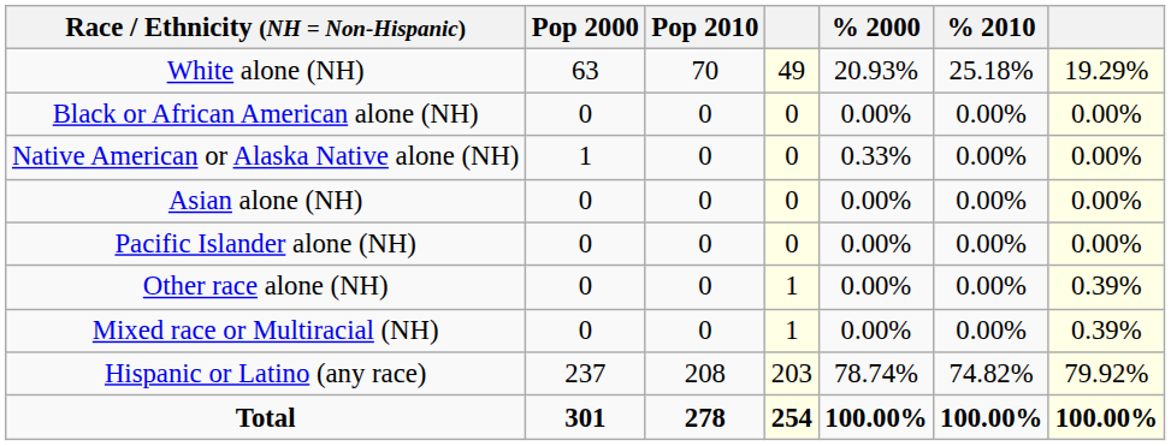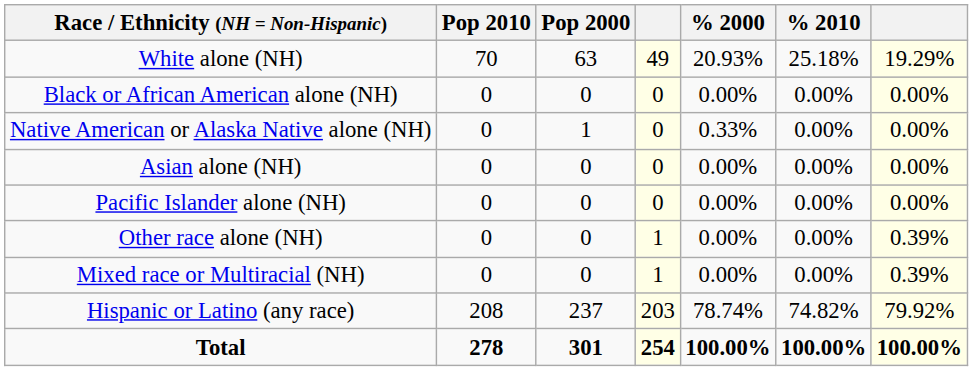 <table class="wikitable" style="text-align:center;">
 <tr>
 <th>Race / Ethnicity <small>(<em>NH = Non-Hispanic</em>)</small></th>
+<th>Pop 2010</th>
 <th>Pop 2000</th>
-<th>Pop 2010</th>
 <th></th>
 <th>% 2000</th>
 <th>% 2010</th>
 <th></th>
 </tr>
 <tr>
 <td><a href='#'>White</a> alone (NH)</td>
+<td>70</td>
 <td>63</td>
-<td>70</td>
 <td style='background: #ffffe6;'>49</td>
 <td>20.93%</td>
 <td>25.18%</td>
 <td style='background: #ffffe6;'>19.29%</td>
 </tr>
 <tr>
 <td><a href='#'>Black or African American</a> alone (NH)</td>
 <td>0</td>
 <td>0</td>
 <td style='background: #ffffe6;'>0</td>
 <td>0.00%</td>
 <td>0.00%</td>
 <td style='background: #ffffe6;'>0.00%</td>
 </tr>
 <tr>
 <td><a href='#'>Native American</a> or <a href='#'>Alaska Native</a> alone (NH)</td>
+<td>0</td>
 <td>1</td>
-<td>0</td>
 <td style='background: #ffffe6;'>0</td>
 <td>0.33%</td>
 <td>0.00%</td>
 <td style='background: #ffffe6;'>0.00%</td>
 </tr>
 <tr>
 <td><a href='#'>Asian</a> alone (NH)</td>
 <td>0</td>
 <td>0</td>
 <td style='background: #ffffe6;'>0</td>
 <td>0.00%</td>
 <td>0.00%</td>
 <td style='background: #ffffe6;'>0.00%</td>
 </tr>
 <tr>
 <td><a href='#'>Pacific Islander</a> alone (NH)</td>
 <td>0</td>
 <td>0</td>
 <td style='background: #ffffe6;'>0</td>
 <td>0.00%</td>
 <td>0.00%</td>
 <td style='background: #ffffe6;'>0.00%</td>
 </tr>
 <tr>
 <td><a href='#'>Other race</a> alone (NH)</td>
 <td>0</td>
 <td>0</td>
 <td style='background: #ffffe6;'>1</td>
 <td>0.00%</td>
 <td>0.00%</td>
 <td style='background: #ffffe6;'>0.39%</td>
 </tr>
 <tr>
 <td><a href='#'>Mixed race or Multiracial</a> (NH)</td>
 <td>0</td>
 <td>0</td>
 <td style='background: #ffffe6;'>1</td>
 <td>0.00%</td>
 <td>0.00%</td>
 <td style='background: #ffffe6;'>0.39%</td>
 </tr>
 <tr>
 <td><a href='#'>Hispanic or Latino</a> (any race)</td>
+<td>208</td>
 <td>237</td>
-<td>208</td>
 <td style='background: #ffffe6;'>203</td>
 <td>78.74%</td>
 <td>74.82%</td>
 <td style='background: #ffffe6;'>79.92%</td>
 </tr>
 <tr>
 <td><strong>Total</strong></td>
+<td><strong>278</strong></td>
 <td><strong>301</strong></td>
-<td><strong>278</strong></td>
 <td style='background: #ffffe6;'><strong>254</strong></td>
 <td><strong>100.00%</strong></td>
 <td><strong>100.00%</strong></td>
 <td style='background: #ffffe6;'><strong>100.00%</strong></td>
 </tr>
 </table>
